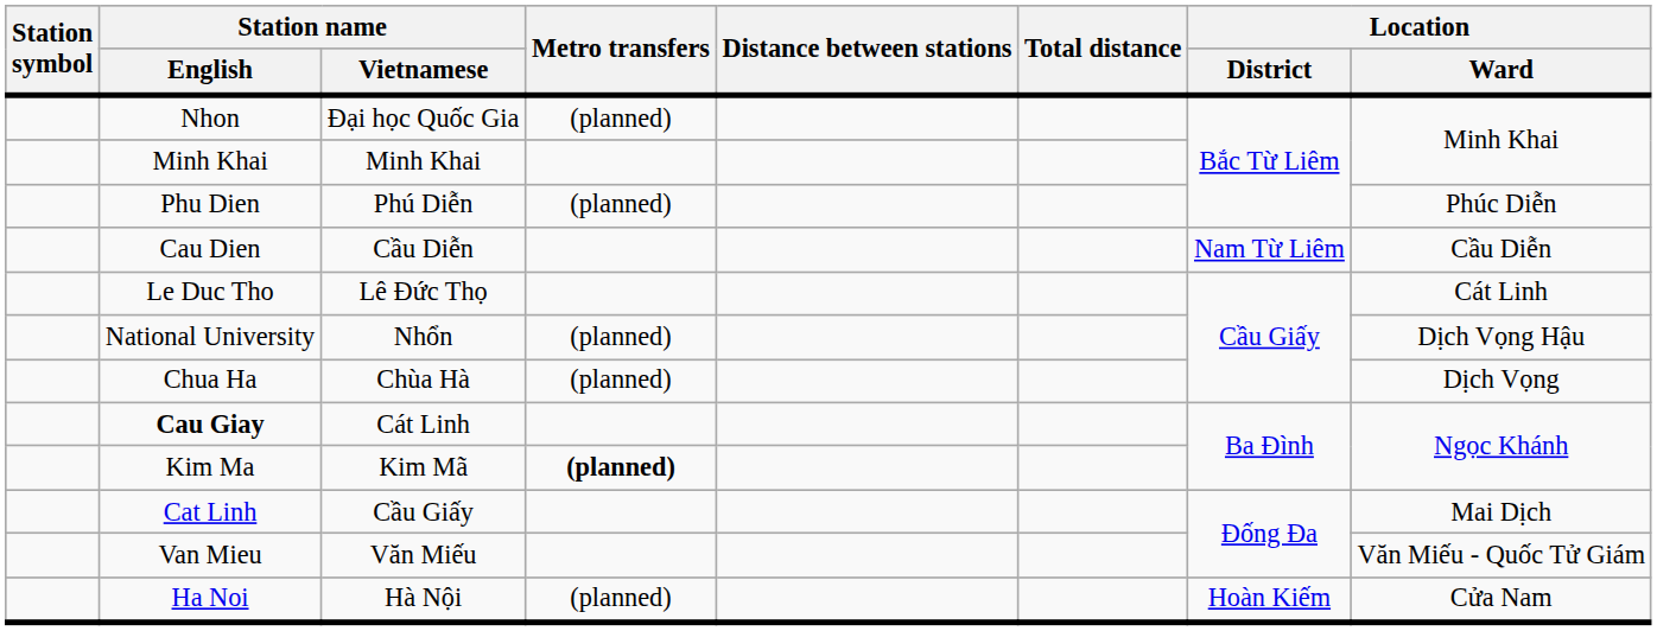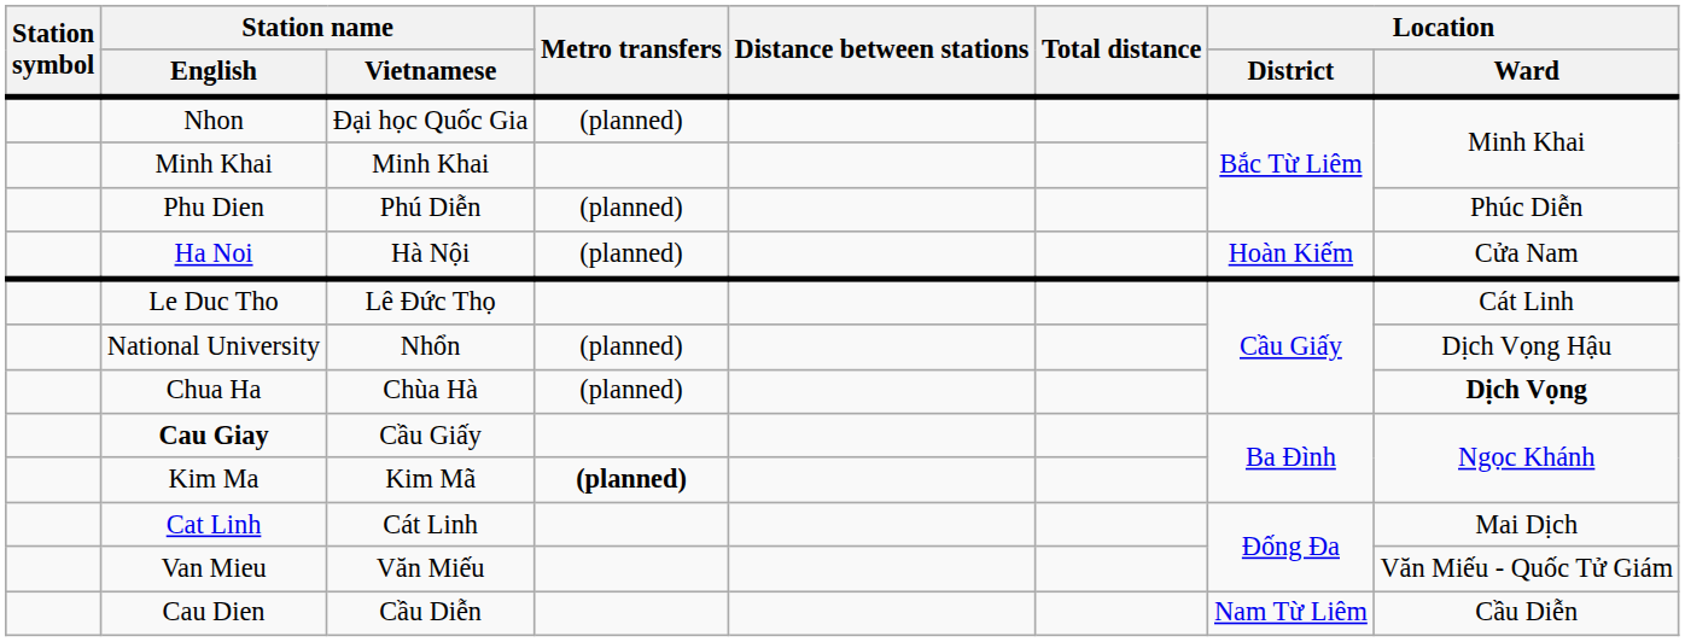 <table class="wikitable" style="font-size: 85%; text-align: center;">
 <tr>
 <th rowspan="2">Station<br>symbol</th>
 <th colspan="2">Station name</th>
 <th rowspan="2">Metro transfers</th>
 <th rowspan="2"><strong>Distance between stations</strong></th>
 <th rowspan="2"><strong>Total distance</strong></th>
 <th colspan="2">Location</th>
 </tr>
 <tr style="border-bottom:solid 0.25em ">
 <th>English</th>
 <th>Vietnamese</th>
 <th>District</th>
 <th>Ward</th>
 </tr>
 <tr>
 <td></td>
 <td>Nhon</td>
 <td>Đại học Quốc Gia</td>
 <td> (planned)</td>
 <td></td>
 <td></td>
 <td rowspan="3"><a href='#'>Bắc Từ Liêm</a></td>
 <td rowspan="2">Minh Khai</td>
 </tr>
 <tr>
 <td></td>
 <td>Minh Khai</td>
 <td>Minh Khai</td>
 <td></td>
 <td></td>
 <td></td>
 </tr>
 <tr>
 <td></td>
 <td>Phu Dien</td>
 <td>Phú Diễn</td>
 <td>  (planned)</td>
 <td></td>
 <td></td>
 <td>Phúc Diễn</td>
 </tr>
-<tr>
+<tr style="border-bottom:solid 0.25em ">
 <td></td>
-<td>Cau Dien</td>
-<td>Cầu Diễn</td>
+<td><a href='#'>Ha Noi</a></td>
+<td>Hà Nội</td>
+<td> (planned)</td>
 <td></td>
 <td></td>
-<td></td>
-<td><a href='#'>Nam Từ Liêm</a></td>
-<td>Cầu Diễn</td>
+<td><a href='#'>Hoàn Kiếm</a></td>
+<td>Cửa Nam</td>
 </tr>
 <tr>
 <td></td>
 <td>Le Duc Tho</td>
 <td>Lê Đức Thọ</td>
 <td></td>
 <td></td>
 <td></td>
 <td rowspan="3"><a href='#'>Cầu Giấy</a></td>
 <td>Cát Linh</td>
 </tr>
 <tr>
 <td></td>
 <td>National University</td>
 <td>Nhổn</td>
 <td> (planned)</td>
 <td></td>
 <td></td>
 <td>Dịch Vọng Hậu</td>
 </tr>
 <tr>
 <td></td>
 <td>Chua Ha</td>
 <td>Chùa Hà</td>
 <td> (planned)</td>
 <td></td>
 <td></td>
-<td>Dịch Vọng</td>
+<td><strong>Dịch Vọng</strong></td>
 </tr>
 <tr>
 <td></td>
 <td><strong>Cau Giay</strong></td>
-<td>Cát Linh</td>
+<td>Cầu Giấy</td>
 <td></td>
 <td></td>
 <td></td>
 <td rowspan="2"><a href='#'>Ba Đình</a></td>
 <td rowspan="2"><a href='#'>Ngọc Khánh</a></td>
 </tr>
 <tr>
 <td></td>
 <td>Kim Ma</td>
 <td>Kim Mã</td>
 <td><strong> (planned)</strong></td>
 <td></td>
 <td></td>
 </tr>
 <tr>
 <td></td>
 <td><a href='#'>Cat Linh</a></td>
-<td>Cầu Giấy</td>
+<td>Cát Linh</td>
 <td></td>
 <td></td>
 <td></td>
 <td rowspan="2"><a href='#'>Đống Đa</a></td>
 <td>Mai Dịch</td>
 </tr>
 <tr>
 <td></td>
 <td>Van Mieu</td>
 <td>Văn Miếu</td>
 <td></td>
 <td></td>
 <td></td>
 <td>Văn Miếu - Quốc Tử Giám</td>
 </tr>
-<tr style="border-bottom:solid 0.25em ">
+<tr>
 <td></td>
-<td><a href='#'>Ha Noi</a></td>
-<td>Hà Nội</td>
-<td> (planned)</td>
+<td>Cau Dien</td>
+<td>Cầu Diễn</td>
 <td></td>
 <td></td>
-<td><a href='#'>Hoàn Kiếm</a></td>
-<td>Cửa Nam</td>
+<td></td>
+<td><a href='#'>Nam Từ Liêm</a></td>
+<td>Cầu Diễn</td>
 </tr>
 </table>
